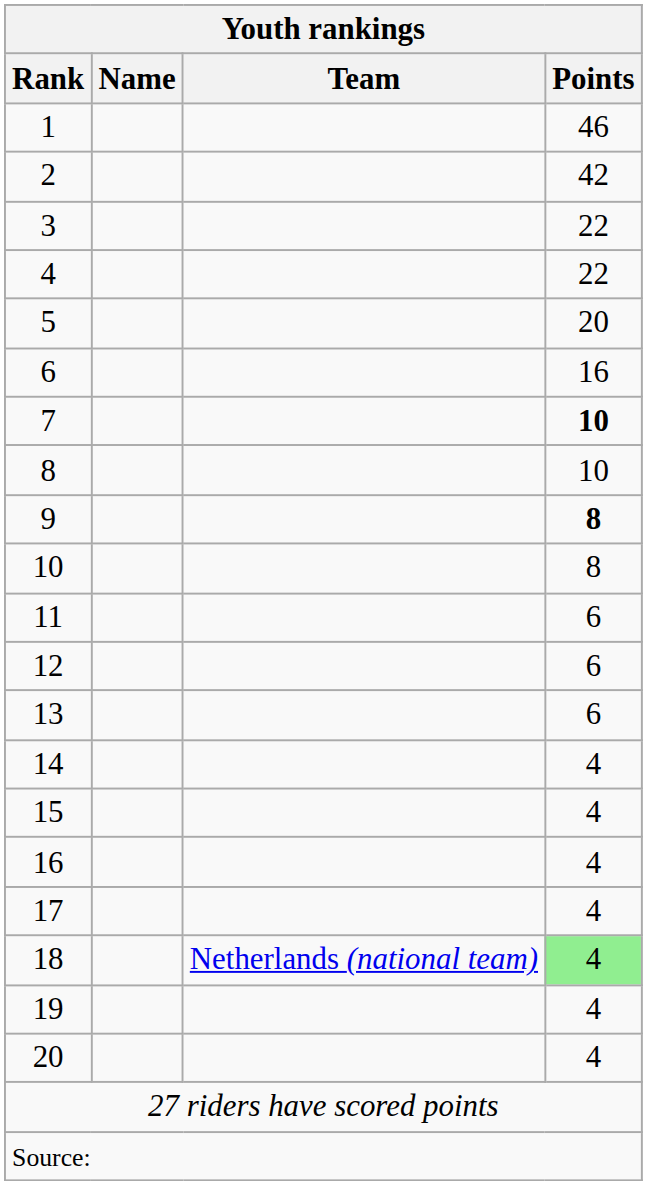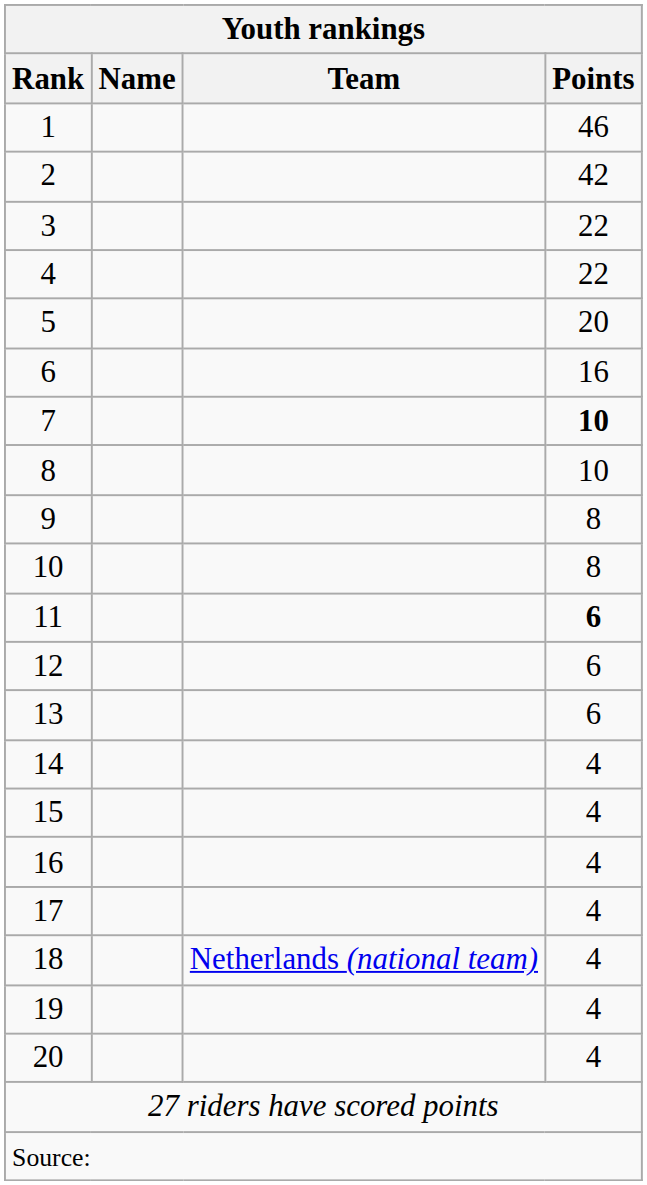 <table class="wikitable">
 <tr style="background:#ccf;">
 <th colspan=4>Youth rankings</th>
 </tr>
 <tr>
 <th>Rank</th>
 <th>Name</th>
 <th>Team</th>
 <th>Points</th>
 </tr>
 <tr>
 <td align=center>1</td>
 <td> </td>
 <td></td>
 <td align=center>46</td>
 </tr>
 <tr>
 <td align=center>2</td>
 <td></td>
 <td></td>
 <td align=center>42</td>
 </tr>
 <tr>
 <td align=center>3</td>
 <td></td>
 <td></td>
 <td align=center>22</td>
 </tr>
 <tr>
 <td align=center>4</td>
 <td></td>
 <td></td>
 <td align=center>22</td>
 </tr>
 <tr>
 <td align=center>5</td>
 <td></td>
 <td></td>
 <td align=center>20</td>
 </tr>
 <tr>
 <td align=center>6</td>
 <td></td>
 <td></td>
 <td align=center>16</td>
 </tr>
 <tr>
 <td align=center>7</td>
 <td></td>
 <td></td>
 <td align=center><strong>10</strong></td>
 </tr>
 <tr>
 <td align=center>8</td>
 <td></td>
 <td></td>
 <td align=center>10</td>
 </tr>
 <tr>
 <td align=center>9</td>
 <td></td>
 <td></td>
-<td align=center><strong>8</strong></td>
+<td align=center>8</td>
 </tr>
 <tr>
 <td align=center>10</td>
 <td></td>
 <td></td>
 <td align=center>8</td>
 </tr>
 <tr>
 <td align=center>11</td>
 <td></td>
 <td></td>
-<td align=center>6</td>
+<td align=center><strong>6</strong></td>
 </tr>
 <tr>
 <td align=center>12</td>
 <td></td>
 <td></td>
 <td align=center>6</td>
 </tr>
 <tr>
 <td align=center>13</td>
 <td></td>
 <td></td>
 <td align=center>6</td>
 </tr>
 <tr>
 <td align=center>14</td>
 <td></td>
 <td></td>
 <td align=center>4</td>
 </tr>
 <tr>
 <td align=center>15</td>
 <td></td>
 <td></td>
 <td align=center>4</td>
 </tr>
 <tr>
 <td align=center>16</td>
 <td></td>
 <td></td>
 <td align=center>4</td>
 </tr>
 <tr>
 <td align=center>17</td>
 <td></td>
 <td></td>
 <td align=center>4</td>
 </tr>
 <tr>
 <td align=center>18</td>
 <td></td>
 <td><a href='#'>Netherlands <em>(national team)</em></a></td>
-<td align=center style="background: lightgreen;">4</td>
+<td align=center>4</td>
 </tr>
 <tr>
 <td align=center>19</td>
 <td></td>
 <td></td>
 <td align=center>4</td>
 </tr>
 <tr>
 <td align=center>20</td>
 <td></td>
 <td></td>
 <td align=center>4</td>
 </tr>
 <tr>
 <td align=center colspan=4><em>27 riders have scored points</em></td>
 </tr>
 <tr>
 <td colspan=4><small>Source:</small></td>
 </tr>
 </table>
